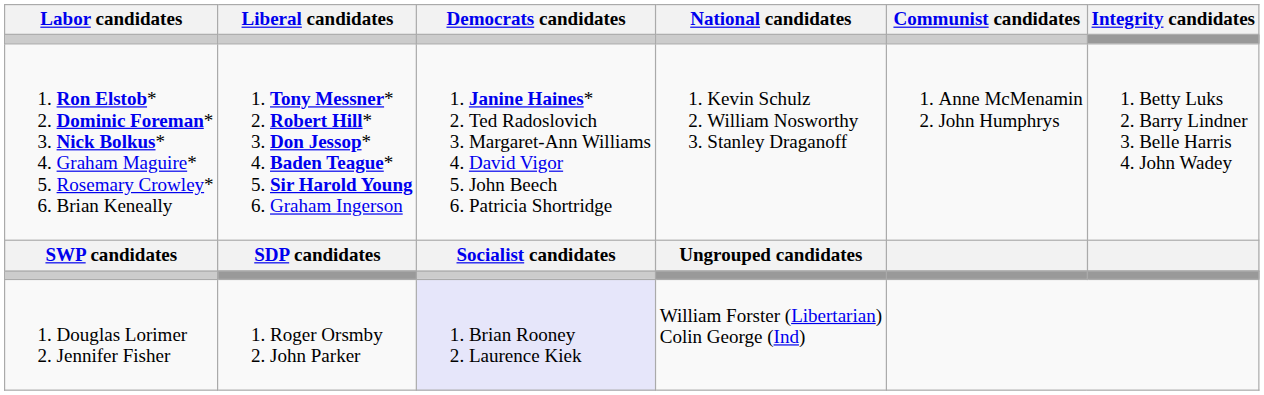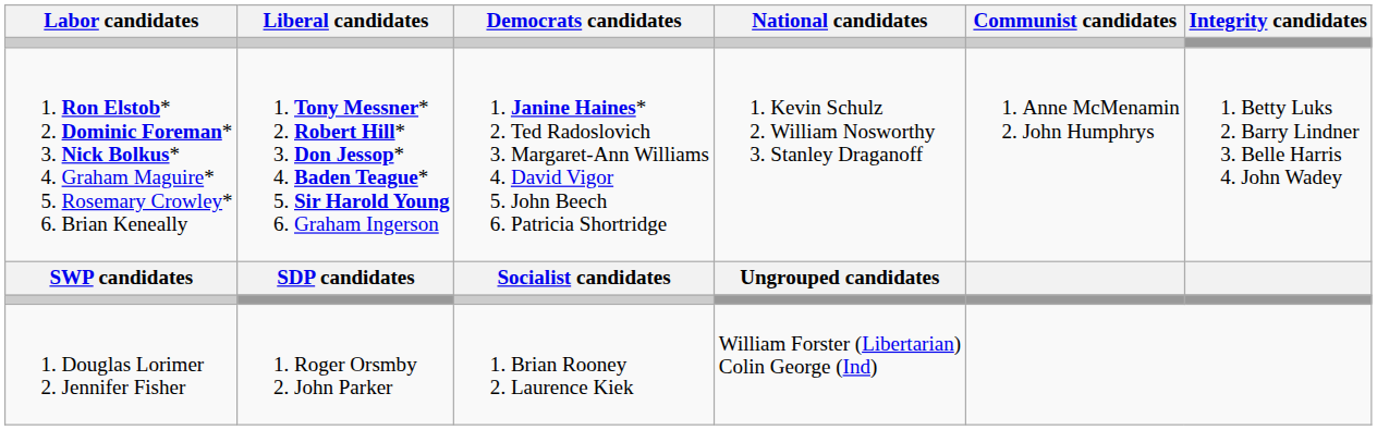 <table class="wikitable">
 <tr>
 <th><a href='#'>Labor</a> candidates</th>
 <th><a href='#'>Liberal</a> candidates</th>
 <th><a href='#'>Democrats</a> candidates</th>
 <th><a href='#'>National</a> candidates</th>
 <th><a href='#'>Communist</a> candidates</th>
 <th><a href='#'>Integrity</a> candidates</th>
 </tr>
 <tr bgcolor="#cccccc">
 <td></td>
 <td></td>
 <td></td>
 <td></td>
 <td></td>
 <td bgcolor="#999999"></td>
 </tr>
 <tr>
 <td><br><ol><li><strong><a href='#'>Ron Elstob</a></strong>*</li><li><strong><a href='#'>Dominic Foreman</a></strong>*</li><li><strong><a href='#'>Nick Bolkus</a></strong>*</li><li><a href='#'>Graham Maguire</a>*</li><li><a href='#'>Rosemary Crowley</a>*</li><li>Brian Keneally</li></ol></td>
 <td><br><ol><li><strong><a href='#'>Tony Messner</a></strong>*</li><li><strong><a href='#'>Robert Hill</a></strong>*</li><li><strong><a href='#'>Don Jessop</a></strong>*</li><li><strong><a href='#'>Baden Teague</a></strong>*</li><li><strong><a href='#'>Sir Harold Young</a></strong></li><li><a href='#'>Graham Ingerson</a></li></ol></td>
 <td><br><ol><li><strong><a href='#'>Janine Haines</a></strong>*</li><li>Ted Radoslovich</li><li>Margaret-Ann Williams</li><li><a href='#'>David Vigor</a></li><li>John Beech</li><li>Patricia Shortridge</li></ol></td>
 <td valign=top><br><ol><li>Kevin Schulz</li><li>William Nosworthy</li><li>Stanley Draganoff</li></ol></td>
 <td valign=top><br><ol><li>Anne McMenamin</li><li>John Humphrys</li></ol></td>
 <td valign=top><br><ol><li>Betty Luks</li><li>Barry Lindner</li><li>Belle Harris</li><li>John Wadey</li></ol></td>
 </tr>
 <tr bgcolor="#cccccc">
 <th><a href='#'>SWP</a> candidates</th>
 <th><a href='#'>SDP</a> candidates</th>
 <th><a href='#'>Socialist</a> candidates</th>
 <th>Ungrouped candidates</th>
 <th></th>
 <th></th>
 </tr>
 <tr bgcolor="#cccccc">
 <td></td>
 <td bgcolor="#999999"></td>
 <td></td>
 <td bgcolor="#999999"></td>
 <td bgcolor="#999999"></td>
 <td bgcolor="#999999"></td>
 </tr>
 <tr>
 <td valign=top><br><ol><li>Douglas Lorimer</li><li>Jennifer Fisher</li></ol></td>
 <td valign=top><br><ol><li>Roger Orsmby</li><li>John Parker</li></ol></td>
-<td valign=top style="background: lavender;"><br><ol><li>Brian Rooney</li><li>Laurence Kiek</li></ol></td>
+<td valign=top><br><ol><li>Brian Rooney</li><li>Laurence Kiek</li></ol></td>
 <td valign=top><br>William Forster (<a href='#'>Libertarian</a>)<br> Colin George (<a href='#'>Ind</a>)</td>
 </tr>
 </table>
